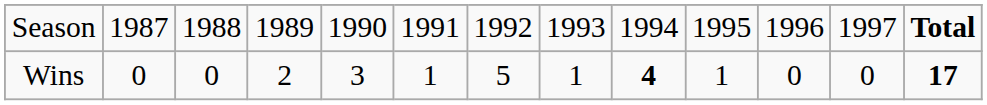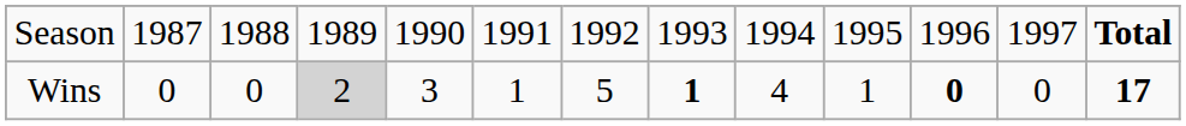 <table class="wikitable sortable">
 <tr>
 <td>Season</td>
 <td>1987</td>
 <td>1988</td>
 <td>1989</td>
 <td>1990</td>
 <td>1991</td>
 <td>1992</td>
 <td>1993</td>
 <td>1994</td>
 <td>1995</td>
 <td>1996</td>
 <td>1997</td>
 <td><strong>Total</strong></td>
 </tr>
 <tr align=center>
 <td>Wins</td>
 <td>0</td>
 <td>0</td>
-<td>2</td>
+<td style="background: lightgrey;">2</td>
 <td>3</td>
 <td>1</td>
 <td>5</td>
+<td><strong>1</strong></td>
+<td>4</td>
 <td>1</td>
-<td><strong>4</strong></td>
-<td>1</td>
-<td>0</td>
+<td><strong>0</strong></td>
 <td>0</td>
 <td><strong>17</strong></td>
 </tr>
 </table>
